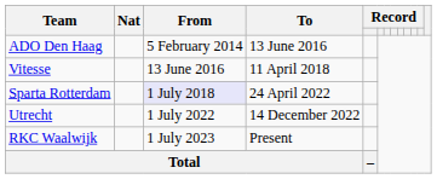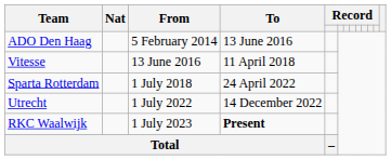 <table class="wikitable" style="text-align: center">
 <tr>
 <th rowspan="2">Team</th>
 <th rowspan="2">Nat</th>
 <th rowspan="2">From</th>
 <th rowspan="2">To</th>
 <th colspan="8">Record</th>
 <th rowspan=2></th>
 </tr>
 <tr>
 <th></th>
 <th></th>
 <th></th>
 <th></th>
 <th></th>
 <th></th>
 <th></th>
 <th></th>
 </tr>
 <tr>
 <td align=left><a href='#'>ADO Den Haag</a></td>
 <td></td>
 <td align=left>5 February 2014</td>
 <td align=left>13 June 2016<br></td>
 <td></td>
 </tr>
 <tr>
 <td align=left><a href='#'>Vitesse</a></td>
 <td></td>
 <td align=left>13 June 2016</td>
 <td align=left>11 April 2018<br></td>
 <td></td>
 </tr>
 <tr>
 <td align=left><a href='#'>Sparta Rotterdam</a></td>
 <td></td>
-<td align=left style="background: lavender;">1 July 2018</td>
+<td align=left>1 July 2018</td>
 <td align=left>24 April 2022<br></td>
 <td></td>
 </tr>
 <tr>
 <td align=left><a href='#'>Utrecht</a></td>
 <td></td>
 <td align=left>1 July 2022</td>
 <td align=left>14 December 2022<br></td>
 <td></td>
 </tr>
 <tr>
 <td align=left><a href='#'>RKC Waalwijk</a></td>
 <td></td>
 <td align=left>1 July 2023</td>
-<td align=left>Present<br></td>
+<td align=left><strong>Present<br></strong></td>
 <td></td>
 </tr>
 <tr>
 <th colspan=4>Total<br></th>
 <th>–</th>
 </tr>
 </table>
